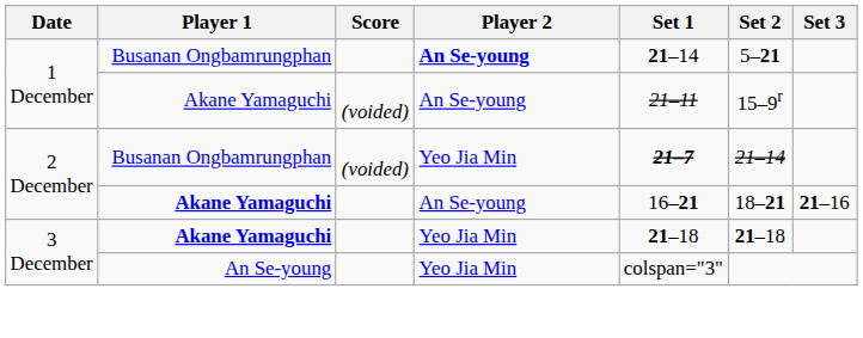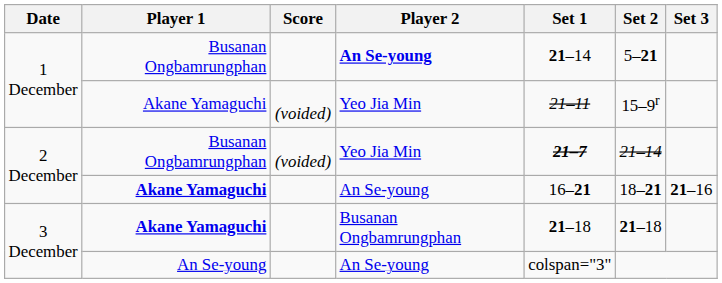 <table class="wikitable" style="font-size:90%; text-align:center">
 <tr>
 <th width="50">Date</th>
 <th width="200">Player 1</th>
 <th width="50">Score</th>
 <th width="200">Player 2</th>
 <th width="50">Set 1</th>
 <th width="50">Set 2</th>
 <th width="50">Set 3</th>
 </tr>
 <tr>
 <td rowspan=2>1 December</td>
 <td align="right"><a href='#'>Busanan Ongbamrungphan</a> </td>
 <td></td>
 <td align="left"><strong> <a href='#'>An Se-young</a></strong></td>
 <td><strong>21</strong>–14</td>
 <td>5–<strong>21</strong></td>
 <td></td>
 </tr>
 <tr>
 <td align="right"><a href='#'>Akane Yamaguchi</a> </td>
 <td><br><em>(voided)</em></td>
-<td align="left"> <a href='#'>An Se-young</a></td>
+<td align="left"> <a href='#'>Yeo Jia Min</a></td>
 <td><s><em>21–11</em></s></td>
 <td>15–9<sup>r</sup></td>
 <td></td>
 </tr>
 <tr>
 <td rowspan=2>2 December</td>
 <td align="right"><a href='#'>Busanan Ongbamrungphan</a> </td>
 <td><br><em>(voided)</em></td>
 <td align="left"> <a href='#'>Yeo Jia Min</a></td>
 <td><strong><s><em>21–7</em></s></strong></td>
 <td><s><em>21–14</em></s></td>
 <td></td>
 </tr>
 <tr>
 <td align="right"><strong><a href='#'>Akane Yamaguchi</a> </strong></td>
 <td></td>
 <td align="left"> <a href='#'>An Se-young</a></td>
 <td>16–<strong>21</strong></td>
 <td>18–<strong>21</strong></td>
 <td><strong>21</strong>–16</td>
 </tr>
 <tr>
 <td rowspan=2>3 December</td>
 <td align="right"><strong><a href='#'>Akane Yamaguchi</a> </strong></td>
 <td></td>
-<td align="left"> <a href='#'>Yeo Jia Min</a></td>
+<td align="left"> <a href='#'>Busanan Ongbamrungphan</a></td>
 <td><strong>21</strong>–18</td>
 <td><strong>21</strong>–18</td>
 <td></td>
 </tr>
 <tr>
 <td align="right"><a href='#'>An Se-young</a> </td>
 <td></td>
-<td align="left"> <a href='#'>Yeo Jia Min</a></td>
+<td align="left"> <a href='#'>An Se-young</a></td>
 <td>colspan="3" </td>
 </tr>
 </table>
